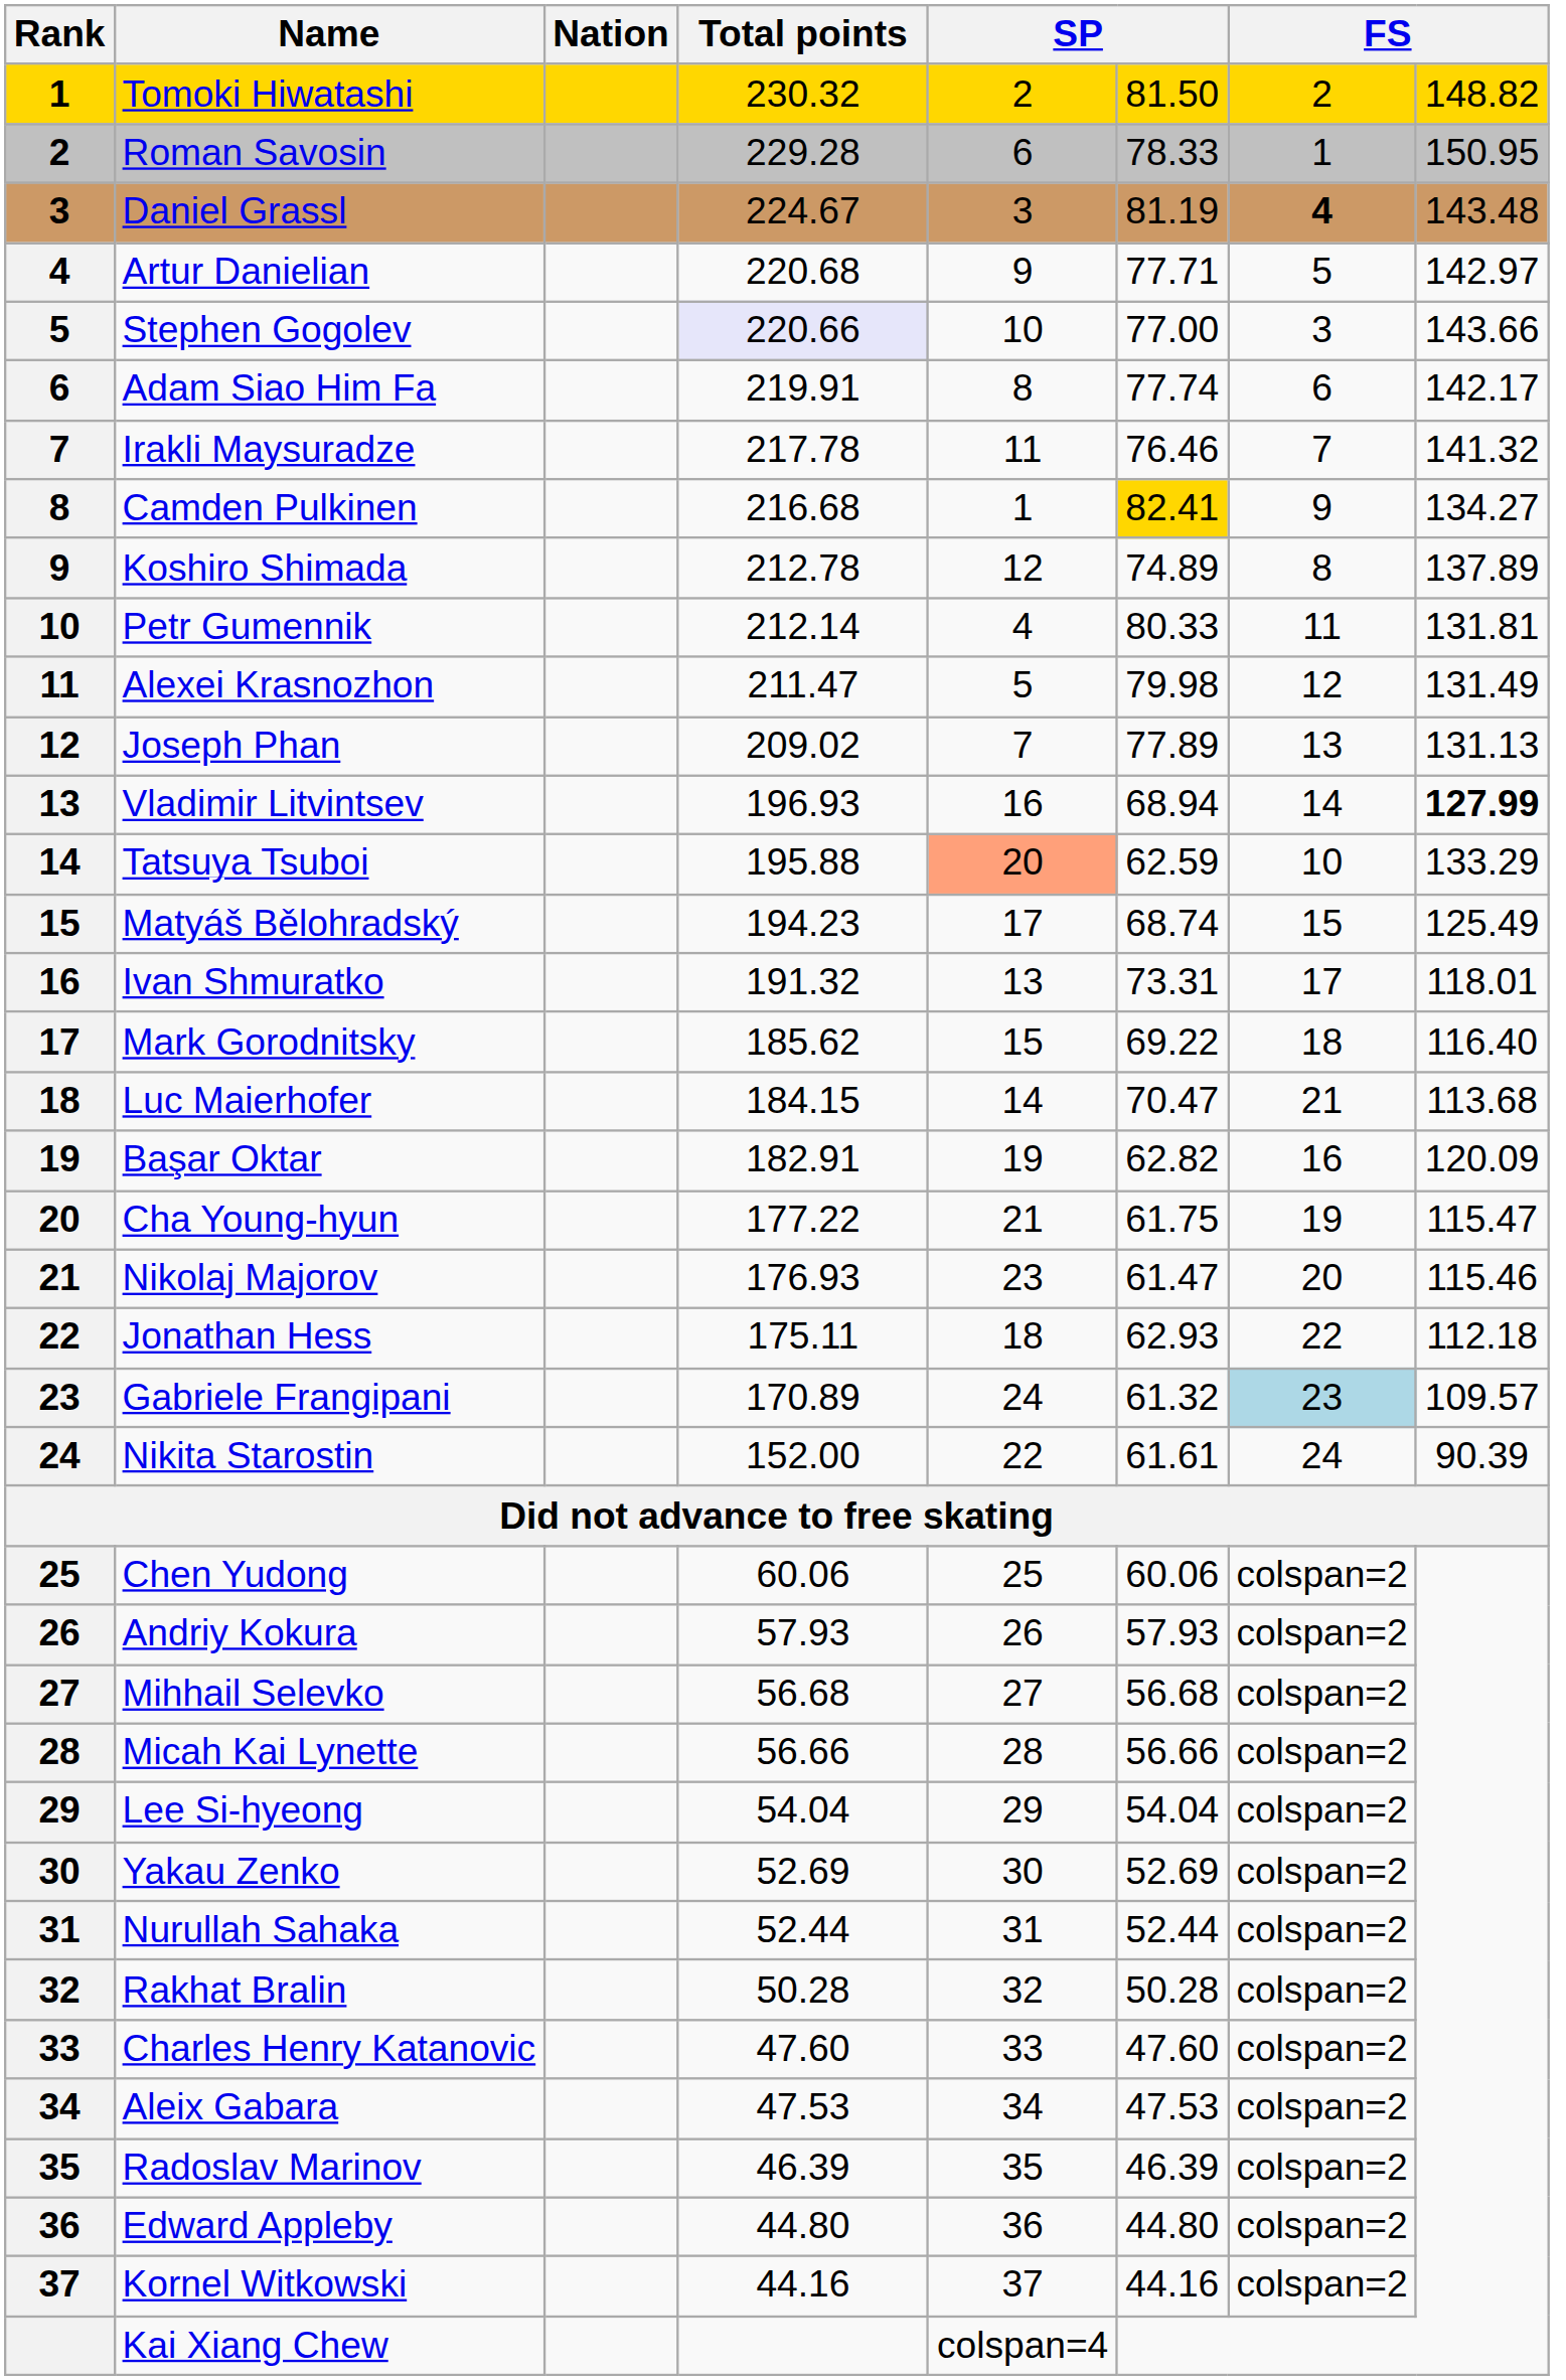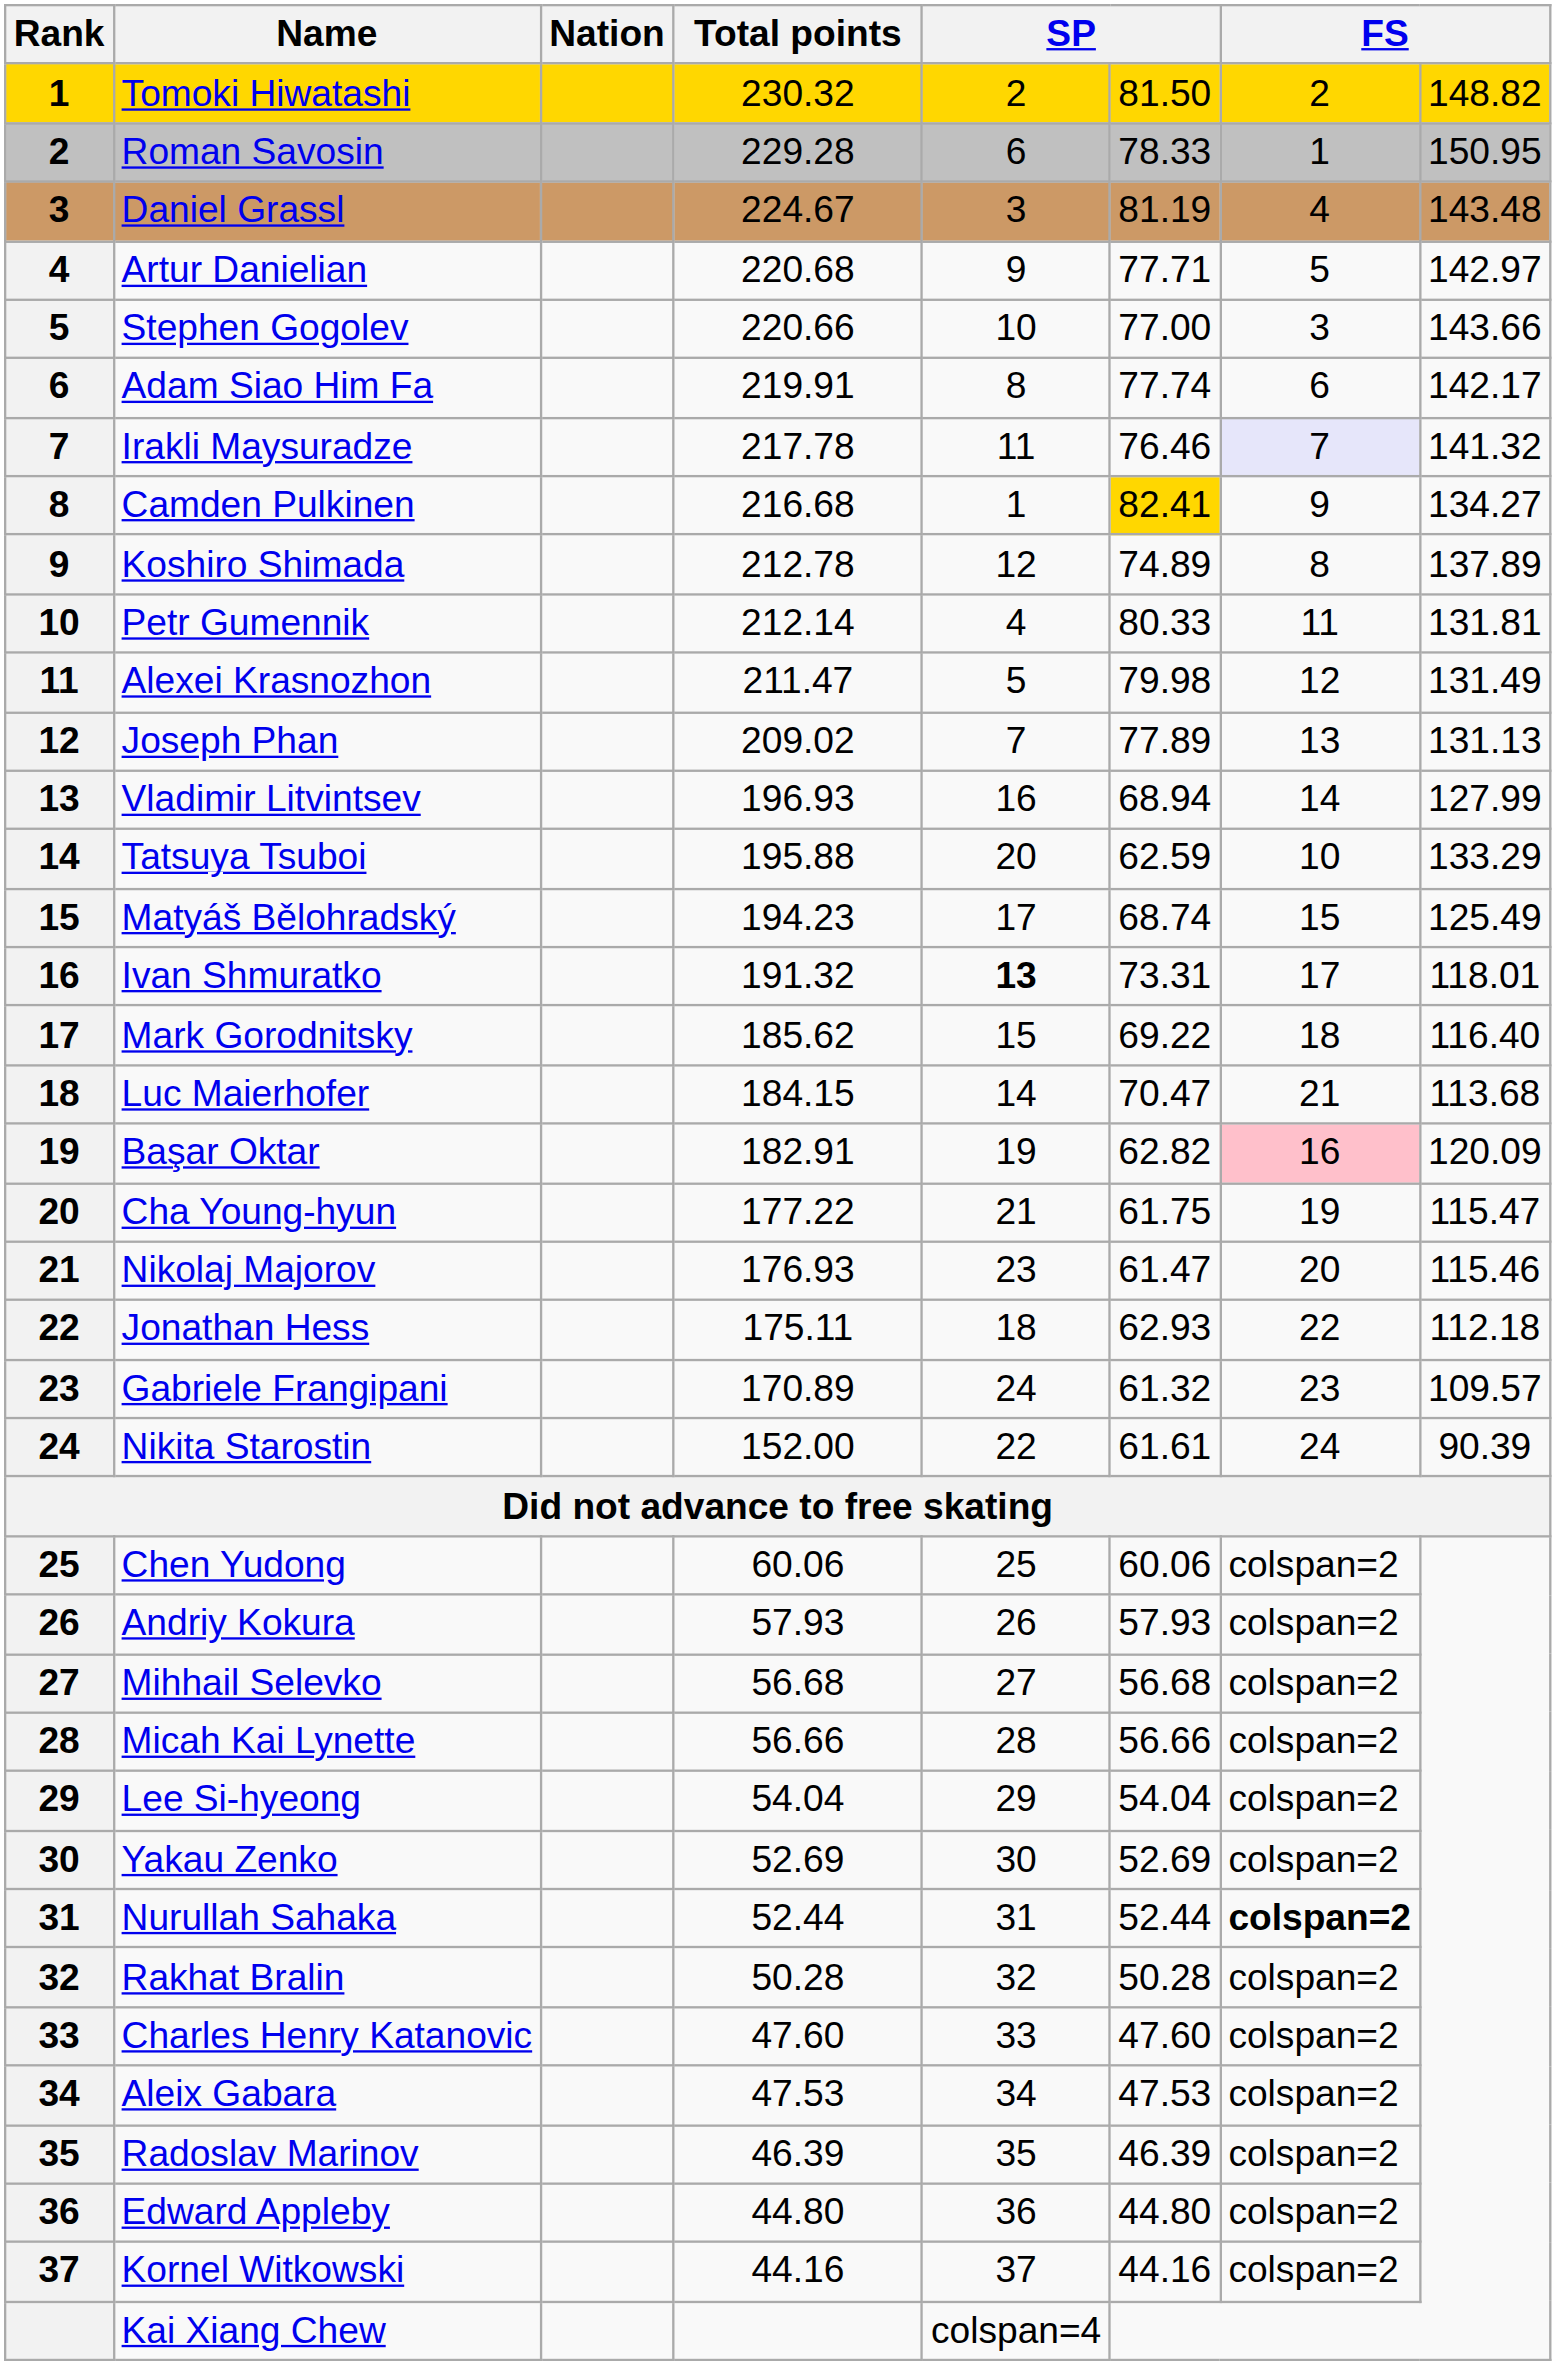 <table class="wikitable sortable">
 <tr>
 <th>Rank</th>
 <th>Name</th>
 <th>Nation</th>
 <th width="100px">Total points</th>
 <th colspan="2" width="90px"><a href='#'>SP</a></th>
 <th colspan="2" width="90px"><a href='#'>FS</a></th>
 </tr>
 <tr bgcolor="gold">
 <td align="center" bgcolor="gold"><strong>1</strong></td>
 <td><a href='#'>Tomoki Hiwatashi</a></td>
 <td></td>
 <td align=center>230.32</td>
 <td align=center>2</td>
 <td align=center>81.50</td>
 <td align=center>2</td>
 <td align=center>148.82</td>
 </tr>
 <tr bgcolor="silver">
 <td align="center" bgcolor="silver"><strong>2</strong></td>
 <td><a href='#'>Roman Savosin</a></td>
 <td></td>
 <td align=center>229.28</td>
 <td align=center>6</td>
 <td align=center>78.33</td>
 <td align=center>1</td>
 <td align=center>150.95</td>
 </tr>
 <tr bgcolor="#cc9966">
 <td align="center" bgcolor="#cc9966"><strong>3</strong></td>
 <td><a href='#'>Daniel Grassl</a></td>
 <td></td>
 <td align=center>224.67</td>
 <td align=center>3</td>
 <td align=center>81.19</td>
-<td align=center><strong>4</strong></td>
+<td align=center>4</td>
 <td align=center>143.48</td>
 </tr>
 <tr>
 <th>4</th>
 <td><a href='#'>Artur Danielian</a></td>
 <td></td>
 <td align="center">220.68</td>
 <td align="center">9</td>
 <td align="center">77.71</td>
 <td align="center">5</td>
 <td align="center">142.97</td>
 </tr>
 <tr>
 <th>5</th>
 <td><a href='#'>Stephen Gogolev</a></td>
 <td></td>
-<td align="center" style="background: lavender;">220.66</td>
+<td align="center">220.66</td>
 <td align="center">10</td>
 <td align="center">77.00</td>
 <td align="center">3</td>
 <td align="center">143.66</td>
 </tr>
 <tr>
 <th>6</th>
 <td><a href='#'>Adam Siao Him Fa</a></td>
 <td></td>
 <td align="center">219.91</td>
 <td align="center">8</td>
 <td align="center">77.74</td>
 <td align="center">6</td>
 <td align="center">142.17</td>
 </tr>
 <tr>
 <th>7</th>
 <td><a href='#'>Irakli Maysuradze</a></td>
 <td></td>
 <td align="center">217.78</td>
 <td align="center">11</td>
 <td align="center">76.46</td>
-<td align="center">7</td>
+<td align="center" style="background: lavender;">7</td>
 <td align="center">141.32</td>
 </tr>
 <tr>
 <th>8</th>
 <td><a href='#'>Camden Pulkinen</a></td>
 <td></td>
 <td align="center">216.68</td>
 <td align="center">1</td>
 <td align="center" style="background: gold;">82.41</td>
 <td align="center">9</td>
 <td align="center">134.27</td>
 </tr>
 <tr>
 <th>9</th>
 <td><a href='#'>Koshiro Shimada</a></td>
 <td></td>
 <td align="center">212.78</td>
 <td align="center">12</td>
 <td align="center">74.89</td>
 <td align="center">8</td>
 <td align="center">137.89</td>
 </tr>
 <tr>
 <th>10</th>
 <td><a href='#'>Petr Gumennik</a></td>
 <td></td>
 <td align="center">212.14</td>
 <td align="center">4</td>
 <td align="center">80.33</td>
 <td align="center">11</td>
 <td align="center">131.81</td>
 </tr>
 <tr>
 <th>11</th>
 <td><a href='#'>Alexei Krasnozhon</a></td>
 <td></td>
 <td align="center">211.47</td>
 <td align="center">5</td>
 <td align="center">79.98</td>
 <td align="center">12</td>
 <td align="center">131.49</td>
 </tr>
 <tr>
 <th>12</th>
 <td><a href='#'>Joseph Phan</a></td>
 <td></td>
 <td align="center">209.02</td>
 <td align="center">7</td>
 <td align="center">77.89</td>
 <td align="center">13</td>
 <td align="center">131.13</td>
 </tr>
 <tr>
 <th>13</th>
 <td><a href='#'>Vladimir Litvintsev</a></td>
 <td></td>
 <td align="center">196.93</td>
 <td align="center">16</td>
 <td align="center">68.94</td>
 <td align="center">14</td>
-<td align="center"><strong>127.99</strong></td>
+<td align="center">127.99</td>
 </tr>
 <tr>
 <th>14</th>
 <td><a href='#'>Tatsuya Tsuboi</a></td>
 <td></td>
 <td align="center">195.88</td>
-<td align="center" style="background: lightsalmon;">20</td>
+<td align="center">20</td>
 <td align="center">62.59</td>
 <td align="center">10</td>
 <td align="center">133.29</td>
 </tr>
 <tr>
 <th>15</th>
 <td><a href='#'>Matyáš Bělohradský</a></td>
 <td></td>
 <td align="center">194.23</td>
 <td align="center">17</td>
 <td align="center">68.74</td>
 <td align="center">15</td>
 <td align="center">125.49</td>
 </tr>
 <tr>
 <th>16</th>
 <td><a href='#'>Ivan Shmuratko</a></td>
 <td></td>
 <td align="center">191.32</td>
-<td align="center">13</td>
+<td align="center"><strong>13</strong></td>
 <td align="center">73.31</td>
 <td align="center">17</td>
 <td align="center">118.01</td>
 </tr>
 <tr>
 <th>17</th>
 <td><a href='#'>Mark Gorodnitsky</a></td>
 <td></td>
 <td align="center">185.62</td>
 <td align="center">15</td>
 <td align="center">69.22</td>
 <td align="center">18</td>
 <td align="center">116.40</td>
 </tr>
 <tr>
 <th>18</th>
 <td><a href='#'>Luc Maierhofer</a></td>
 <td></td>
 <td align="center">184.15</td>
 <td align="center">14</td>
 <td align="center">70.47</td>
 <td align="center">21</td>
 <td align="center">113.68</td>
 </tr>
 <tr>
 <th>19</th>
 <td><a href='#'>Başar Oktar</a></td>
 <td></td>
 <td align=center>182.91</td>
 <td align=center>19</td>
 <td align=center>62.82</td>
-<td align=center>16</td>
+<td align=center style="background: pink;">16</td>
 <td align=center>120.09</td>
 </tr>
 <tr>
 <th>20</th>
 <td><a href='#'>Cha Young-hyun</a></td>
 <td></td>
 <td align="center">177.22</td>
 <td align="center">21</td>
 <td align="center">61.75</td>
 <td align="center">19</td>
 <td align="center">115.47</td>
 </tr>
 <tr>
 <th>21</th>
 <td><a href='#'>Nikolaj Majorov</a></td>
 <td></td>
 <td align="center">176.93</td>
 <td align="center">23</td>
 <td align="center">61.47</td>
 <td align="center">20</td>
 <td align="center">115.46</td>
 </tr>
 <tr>
 <th>22</th>
 <td><a href='#'>Jonathan Hess</a></td>
 <td></td>
 <td align="center">175.11</td>
 <td align="center">18</td>
 <td align="center">62.93</td>
 <td align="center">22</td>
 <td align="center">112.18</td>
 </tr>
 <tr>
 <th>23</th>
 <td><a href='#'>Gabriele Frangipani</a></td>
 <td></td>
 <td align="center">170.89</td>
 <td align="center">24</td>
 <td align="center">61.32</td>
-<td align="center" style="background: lightblue;">23</td>
+<td align="center">23</td>
 <td align="center">109.57</td>
 </tr>
 <tr>
 <th>24</th>
 <td><a href='#'>Nikita Starostin</a></td>
 <td></td>
 <td align="center">152.00</td>
 <td align="center">22</td>
 <td align="center">61.61</td>
 <td align="center">24</td>
 <td align="center">90.39</td>
 </tr>
 <tr>
 <th colspan=8>Did not advance to free skating</th>
 </tr>
 <tr>
 <th>25</th>
 <td><a href='#'>Chen Yudong</a></td>
 <td></td>
 <td align=center>60.06</td>
 <td align=center>25</td>
 <td align=center>60.06</td>
 <td>colspan=2 </td>
 </tr>
 <tr>
 <th>26</th>
 <td><a href='#'>Andriy Kokura</a></td>
 <td></td>
 <td align=center>57.93</td>
 <td align=center>26</td>
 <td align=center>57.93</td>
 <td>colspan=2 </td>
 </tr>
 <tr>
 <th>27</th>
 <td><a href='#'>Mihhail Selevko</a></td>
 <td></td>
 <td align=center>56.68</td>
 <td align=center>27</td>
 <td align=center>56.68</td>
 <td>colspan=2 </td>
 </tr>
 <tr>
 <th>28</th>
 <td><a href='#'>Micah Kai Lynette</a></td>
 <td></td>
 <td align=center>56.66</td>
 <td align=center>28</td>
 <td align=center>56.66</td>
 <td>colspan=2 </td>
 </tr>
 <tr>
 <th>29</th>
 <td><a href='#'>Lee Si-hyeong</a></td>
 <td></td>
 <td align=center>54.04</td>
 <td align=center>29</td>
 <td align=center>54.04</td>
 <td>colspan=2 </td>
 </tr>
 <tr>
 <th>30</th>
 <td><a href='#'>Yakau Zenko</a></td>
 <td></td>
 <td align=center>52.69</td>
 <td align=center>30</td>
 <td align=center>52.69</td>
 <td>colspan=2 </td>
 </tr>
 <tr>
 <th>31</th>
 <td><a href='#'>Nurullah Sahaka</a></td>
 <td></td>
 <td align=center>52.44</td>
 <td align=center>31</td>
 <td align=center>52.44</td>
-<td>colspan=2 </td>
+<td><strong>colspan=2 </strong></td>
 </tr>
 <tr>
 <th>32</th>
 <td><a href='#'>Rakhat Bralin</a></td>
 <td></td>
 <td align=center>50.28</td>
 <td align=center>32</td>
 <td align=center>50.28</td>
 <td>colspan=2 </td>
 </tr>
 <tr>
 <th>33</th>
 <td><a href='#'>Charles Henry Katanovic</a></td>
 <td></td>
 <td align=center>47.60</td>
 <td align=center>33</td>
 <td align=center>47.60</td>
 <td>colspan=2 </td>
 </tr>
 <tr>
 <th>34</th>
 <td><a href='#'>Aleix Gabara</a></td>
 <td></td>
 <td align=center>47.53</td>
 <td align=center>34</td>
 <td align=center>47.53</td>
 <td>colspan=2 </td>
 </tr>
 <tr>
 <th>35</th>
 <td><a href='#'>Radoslav Marinov</a></td>
 <td></td>
 <td align=center>46.39</td>
 <td align=center>35</td>
 <td align=center>46.39</td>
 <td>colspan=2 </td>
 </tr>
 <tr>
 <th>36</th>
 <td><a href='#'>Edward Appleby</a></td>
 <td></td>
 <td align=center>44.80</td>
 <td align=center>36</td>
 <td align=center>44.80</td>
 <td>colspan=2 </td>
 </tr>
 <tr>
 <th>37</th>
 <td><a href='#'>Kornel Witkowski</a></td>
 <td></td>
 <td align=center>44.16</td>
 <td align=center>37</td>
 <td align=center>44.16</td>
 <td>colspan=2 </td>
 </tr>
 <tr>
 <th></th>
 <td><a href='#'>Kai Xiang Chew</a></td>
 <td></td>
 <td></td>
 <td>colspan=4 </td>
 </tr>
 </table>
